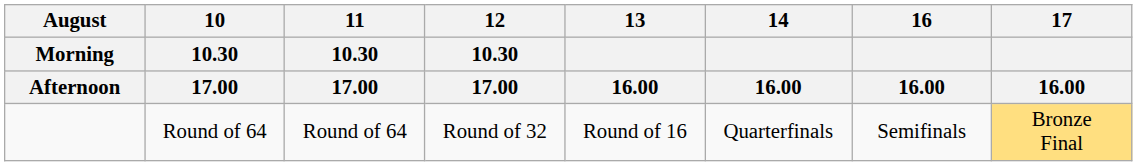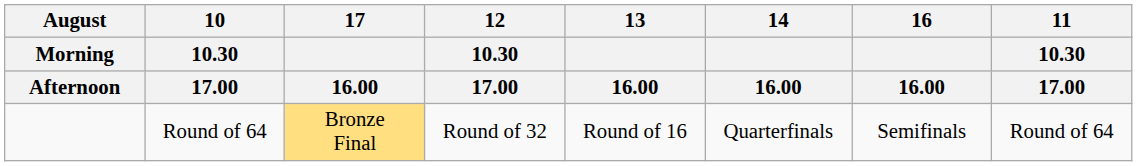 <table class="wikitable" style="text-align:center">
 <tr>
 <th width=10%>August</th>
 <th width=10%>10</th>
-<th width=10%>11</th>
+<th width=10%>17</th>
 <th width=10%>12</th>
 <th width=10%>13</th>
 <th width=10%>14</th>
 <th width=10%>16</th>
-<th width=10%>17</th>
+<th width=10%>11</th>
 </tr>
 <tr>
 <th>Morning</th>
 <th>10.30</th>
-<th>10.30</th>
+<th></th>
 <th>10.30</th>
 <th></th>
 <th></th>
 <th></th>
-<th></th>
+<th>10.30</th>
 </tr>
 <tr>
 <th>Afternoon</th>
 <th>17.00</th>
-<th>17.00</th>
+<th>16.00</th>
 <th>17.00</th>
 <th>16.00</th>
 <th>16.00</th>
 <th>16.00</th>
-<th>16.00</th>
+<th>17.00</th>
 </tr>
 <tr>
 <td></td>
 <td>Round of 64</td>
-<td>Round of 64</td>
+<td bgcolor="FFDF80">Bronze<br>Final</td>
 <td>Round of 32</td>
 <td>Round of 16</td>
 <td>Quarterfinals</td>
 <td>Semifinals</td>
-<td bgcolor="FFDF80">Bronze<br>Final</td>
+<td>Round of 64</td>
 </tr>
 </table>
